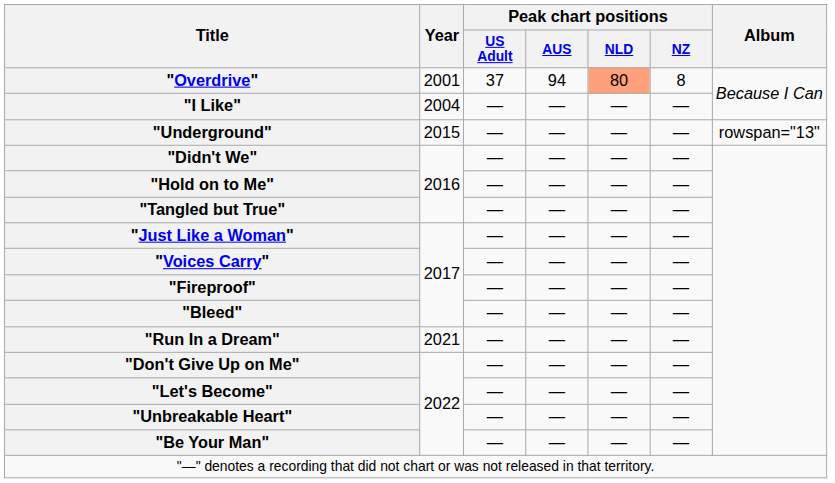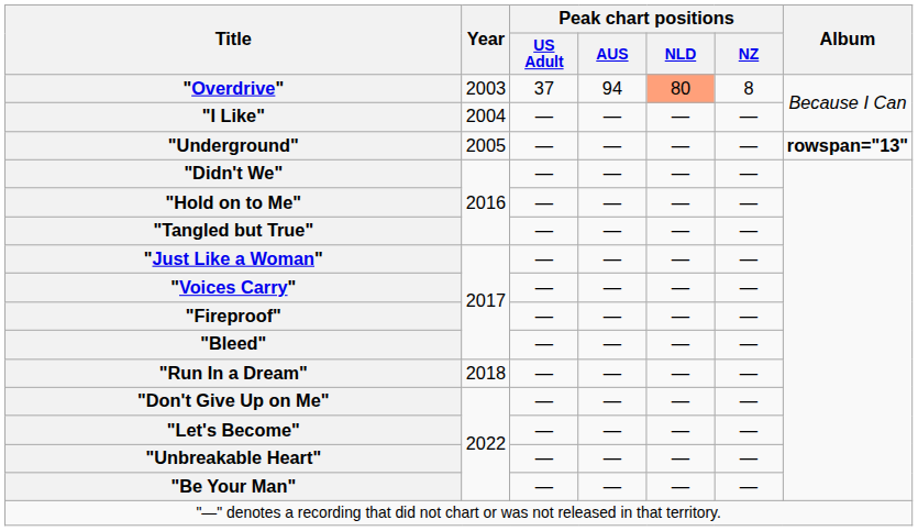 <table class="wikitable plainrowheaders" style="text-align:center;">
 <tr>
 <th scope="col" rowspan="2" style="width:25em;">Title</th>
 <th scope="col" rowspan="2">Year</th>
 <th scope="col" colspan="4">Peak chart positions</th>
 <th scope="col" rowspan="2">Album</th>
 </tr>
 <tr>
 <th scope="col" style="width:4em;font-size:85%;"><a href='#'>US Adult</a></th>
 <th scope="col" style="width:4em;font-size:85%;"><a href='#'>AUS</a></th>
 <th scope="col" style="width:4em;font-size:85%;"><a href='#'>NLD</a></th>
 <th scope="col" style="width:4em;font-size:85%;"><a href='#'>NZ</a></th>
 </tr>
 <tr>
 <th scope="row">"<a href='#'>Overdrive</a>"</th>
-<td>2001</td>
+<td>2003</td>
 <td>37</td>
 <td>94</td>
 <td style="background: lightsalmon;">80</td>
 <td>8</td>
 <td rowspan="2"><em>Because I Can</em></td>
 </tr>
 <tr>
 <th scope="row">"I Like"</th>
 <td>2004</td>
 <td>—</td>
 <td>—</td>
 <td>—</td>
 <td>—</td>
 </tr>
 <tr>
 <th scope="row">"Underground"</th>
-<td>2015</td>
+<td>2005</td>
 <td>—</td>
 <td>—</td>
 <td>—</td>
 <td>—</td>
-<td>rowspan="13" </td>
+<td><strong>rowspan="13" </strong></td>
 </tr>
 <tr>
 <th scope="row">"Didn't We"</th>
 <td rowspan="3">2016</td>
 <td>—</td>
 <td>—</td>
 <td>—</td>
 <td>—</td>
 </tr>
 <tr>
 <th scope="row">"Hold on to Me"</th>
 <td>—</td>
 <td>—</td>
 <td>—</td>
 <td>—</td>
 </tr>
 <tr>
 <th scope="row">"Tangled but True"</th>
 <td>—</td>
 <td>—</td>
 <td>—</td>
 <td>—</td>
 </tr>
 <tr>
 <th scope="row">"<a href='#'>Just Like a Woman</a>"</th>
 <td rowspan="4">2017</td>
 <td>—</td>
 <td>—</td>
 <td>—</td>
 <td>—</td>
 </tr>
 <tr>
 <th scope="row">"<a href='#'>Voices Carry</a>"</th>
 <td>—</td>
 <td>—</td>
 <td>—</td>
 <td>—</td>
 </tr>
 <tr>
 <th scope="row">"Fireproof"</th>
 <td>—</td>
 <td>—</td>
 <td>—</td>
 <td>—</td>
 </tr>
 <tr>
 <th scope="row">"Bleed"</th>
 <td>—</td>
 <td>—</td>
 <td>—</td>
 <td>—</td>
 </tr>
 <tr>
 <th scope="row">"Run In a Dream"</th>
-<td>2021</td>
+<td>2018</td>
 <td>—</td>
 <td>—</td>
 <td>—</td>
 <td>—</td>
 </tr>
 <tr>
 <th scope="row">"Don't Give Up on Me"</th>
 <td rowspan="4">2022</td>
 <td>—</td>
 <td>—</td>
 <td>—</td>
 <td>—</td>
 </tr>
 <tr>
 <th scope="row">"Let's Become"</th>
 <td>—</td>
 <td>—</td>
 <td>—</td>
 <td>—</td>
 </tr>
 <tr>
 <th scope="row">"Unbreakable Heart"</th>
 <td>—</td>
 <td>—</td>
 <td>—</td>
 <td>—</td>
 </tr>
 <tr>
 <th scope="row">"Be Your Man"</th>
 <td>—</td>
 <td>—</td>
 <td>—</td>
 <td>—</td>
 </tr>
 <tr>
 <td colspan="17" style="font-size:85%">"—" denotes a recording that did not chart or was not released in that territory.</td>
 </tr>
 </table>
